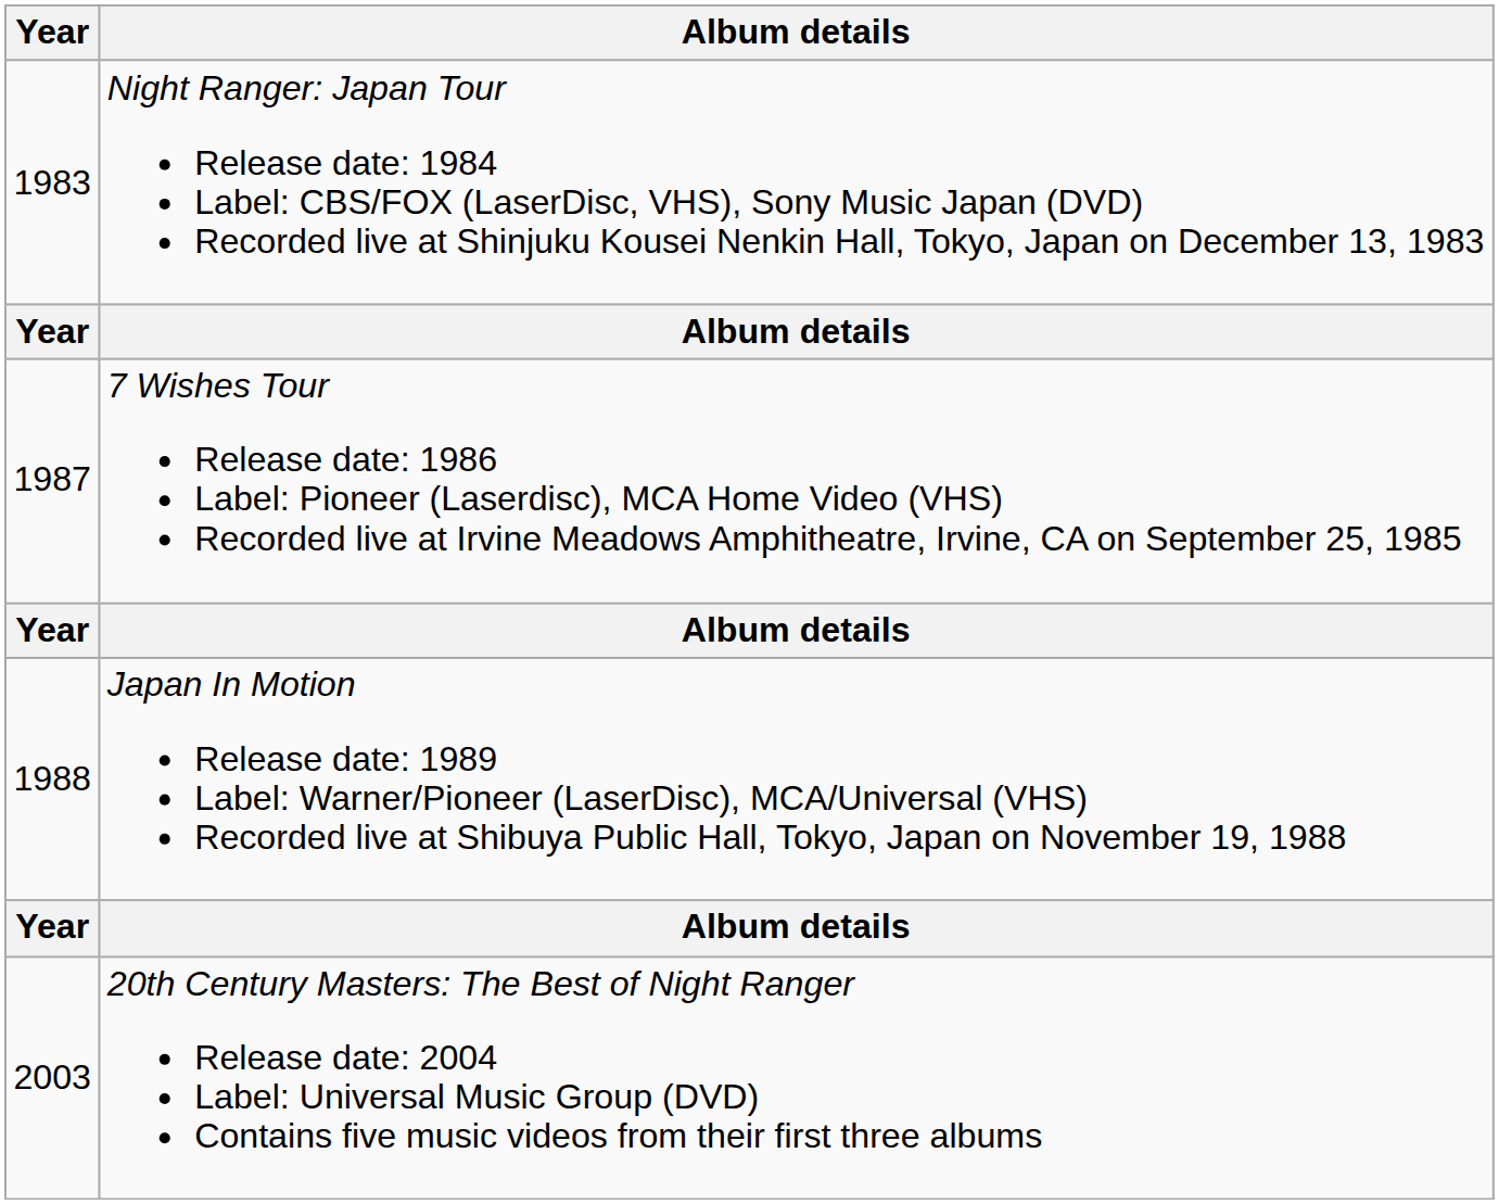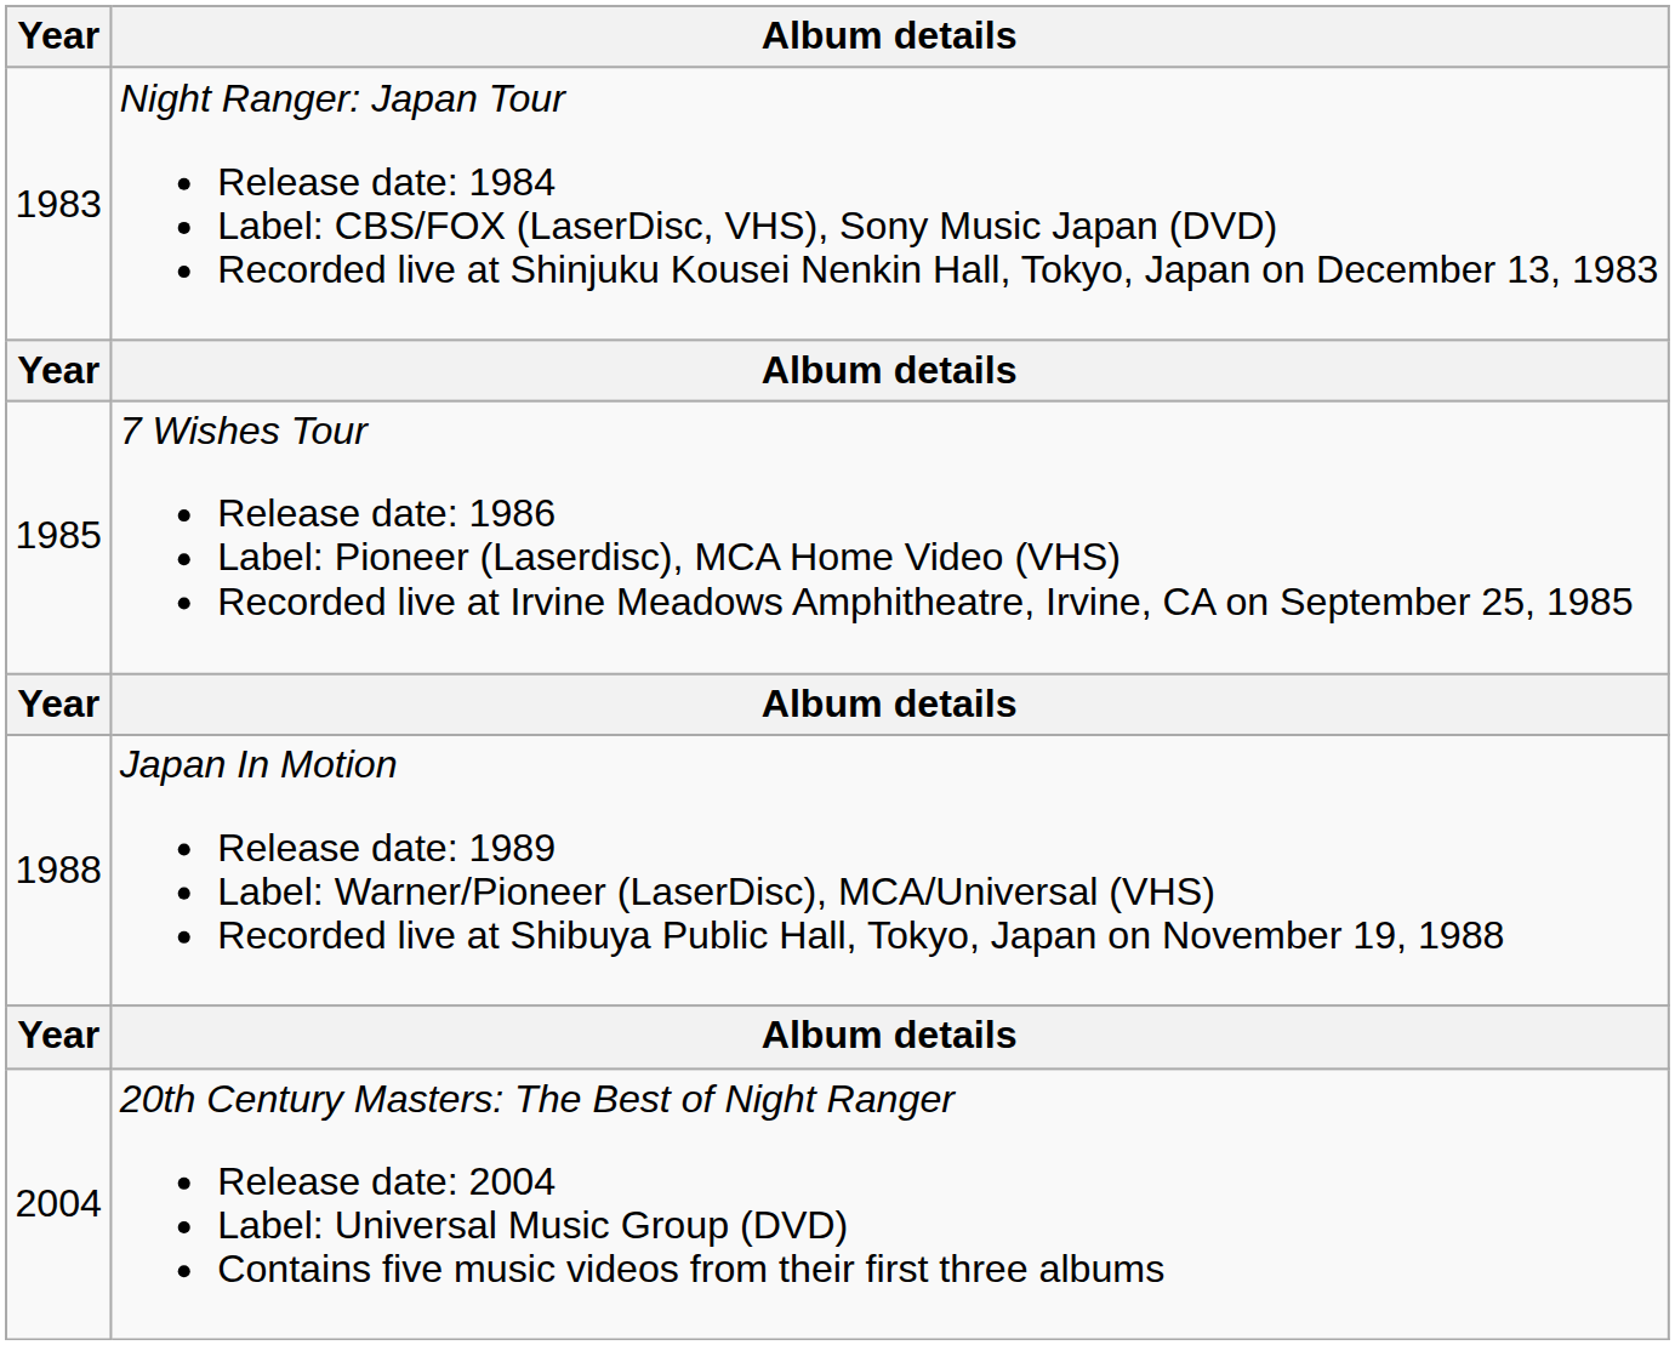 <table class="wikitable" style="text-align:center;">
 <tr>
 <th>Year</th>
 <th>Album details</th>
 </tr>
 <tr>
 <td>1983</td>
 <td style="text-align:left;"><em>Night Ranger: Japan Tour</em><br><ul><li>Release date: 1984</li><li>Label: CBS/FOX (LaserDisc, VHS), Sony Music Japan (DVD)</li><li>Recorded live at Shinjuku Kousei Nenkin Hall, Tokyo, Japan on December 13, 1983</li></ul></td>
 </tr>
 <tr>
 <th>Year</th>
 <th>Album details</th>
 </tr>
 <tr>
-<td>1987</td>
+<td>1985</td>
 <td style="text-align:left;"><em>7 Wishes Tour</em><br><ul><li>Release date: 1986</li><li>Label: Pioneer (Laserdisc), MCA Home Video (VHS)</li><li>Recorded live at Irvine Meadows Amphitheatre, Irvine, CA on September 25, 1985</li></ul></td>
 </tr>
 <tr>
 <th>Year</th>
 <th>Album details</th>
 </tr>
 <tr>
 <td>1988</td>
 <td style="text-align:left;"><em>Japan In Motion</em><br><ul><li>Release date: 1989</li><li>Label: Warner/Pioneer (LaserDisc), MCA/Universal (VHS)</li><li>Recorded live at Shibuya Public Hall, Tokyo, Japan on November 19, 1988</li></ul></td>
 </tr>
 <tr>
 <th>Year</th>
 <th>Album details</th>
 </tr>
 <tr>
-<td>2003</td>
+<td>2004</td>
 <td style="text-align:left;"><em>20th Century Masters: The Best of Night Ranger</em><br><ul><li>Release date: 2004</li><li>Label: Universal Music Group (DVD)</li><li>Contains five music videos from their first three albums</li></ul></td>
 </tr>
 </table>
